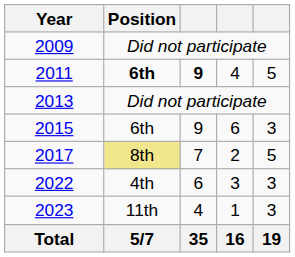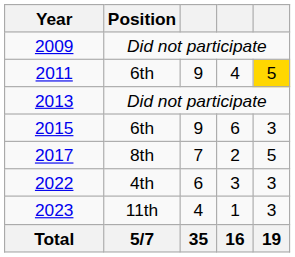 <table class="wikitable" style="text-align:center;font-size:95%;">
 <tr>
 <th width=80px>Year</th>
 <th>Position</th>
 <th width=25px></th>
 <th width=25px></th>
 <th width=25px></th>
 </tr>
 <tr>
 <td> <a href='#'>2009</a></td>
 <td colspan=4><em>Did not participate</em></td>
 </tr>
 <tr>
 <td> <a href='#'>2011</a></td>
-<td><strong>6th</strong></td>
-<td><strong>9</strong></td>
+<td>6th</td>
+<td>9</td>
 <td>4</td>
-<td>5</td>
+<td style="background: gold;">5</td>
 </tr>
 <tr>
 <td> <a href='#'>2013</a></td>
 <td colspan=4><em>Did not participate</em></td>
 </tr>
 <tr>
 <td> <a href='#'>2015</a></td>
 <td>6th</td>
 <td>9</td>
 <td>6</td>
 <td>3</td>
 </tr>
 <tr>
 <td> <a href='#'>2017</a></td>
-<td style="background: khaki;">8th</td>
+<td>8th</td>
 <td>7</td>
 <td>2</td>
 <td>5</td>
 </tr>
 <tr>
 <td> <a href='#'>2022</a></td>
 <td>4th</td>
 <td>6</td>
 <td>3</td>
 <td>3</td>
 </tr>
 <tr>
 <td> <a href='#'>2023</a></td>
 <td>11th</td>
 <td>4</td>
 <td>1</td>
 <td>3</td>
 </tr>
 <tr>
 <th>Total</th>
 <th>5/7</th>
 <th>35</th>
 <th>16</th>
 <th>19</th>
 </tr>
 </table>
